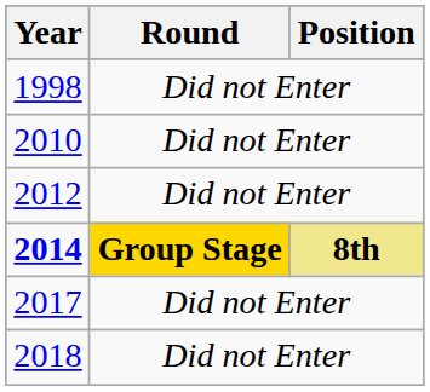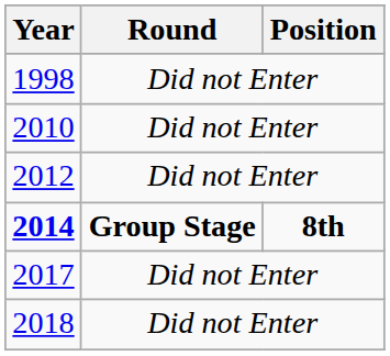 <table class="wikitable" style="text-align: center;">
 <tr>
 <th>Year</th>
 <th>Round</th>
 <th>Position</th>
 </tr>
 <tr>
 <td> <a href='#'>1998</a></td>
 <td colspan="9"><em>Did not Enter</em></td>
 </tr>
 <tr>
 <td> <a href='#'>2010</a></td>
 <td colspan="9"><em>Did not Enter</em></td>
 </tr>
 <tr>
 <td> <a href='#'>2012</a></td>
 <td colspan="9"><em>Did not Enter</em></td>
 </tr>
 <tr>
 <td> <strong><a href='#'>2014</a></strong></td>
-<td style="background: gold;"><strong>Group Stage</strong></td>
-<td style="background: khaki;"><strong>8th</strong></td>
+<td><strong>Group Stage</strong></td>
+<td><strong>8th</strong></td>
 </tr>
 <tr>
 <td> <a href='#'>2017</a></td>
 <td colspan="9"><em>Did not Enter</em></td>
 </tr>
 <tr>
 <td> <a href='#'>2018</a></td>
 <td colspan="9"><em>Did not Enter</em></td>
 </tr>
 </table>
